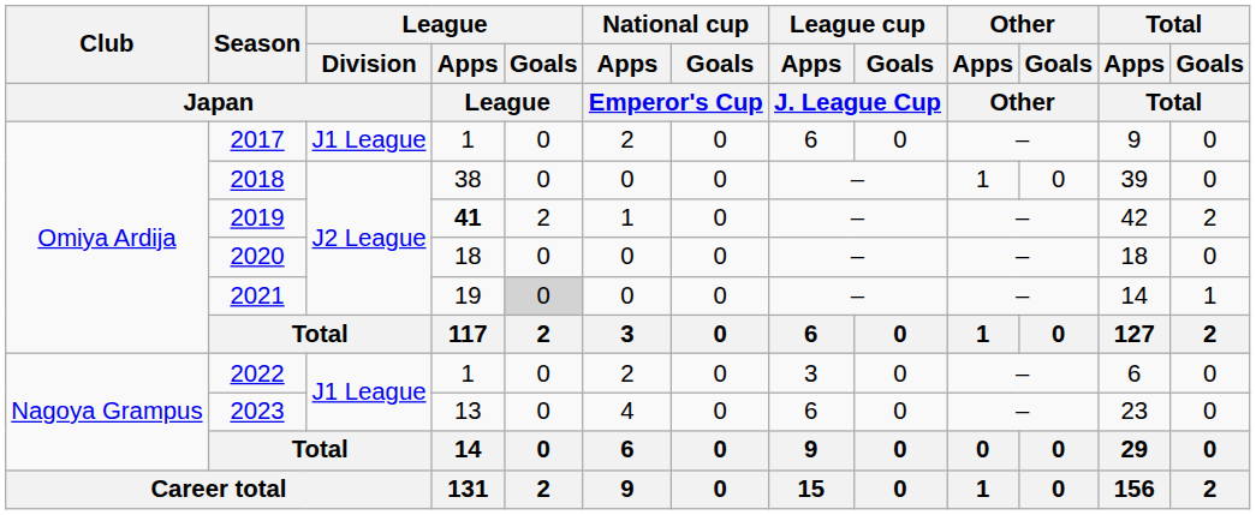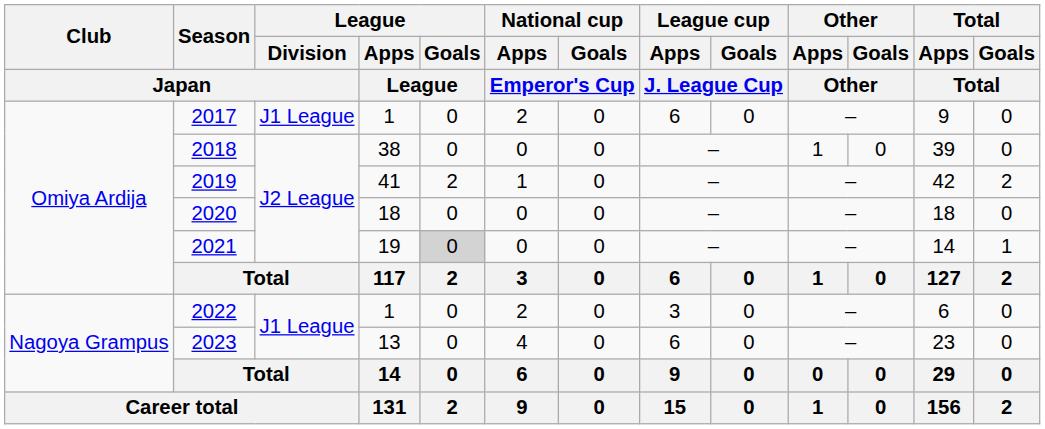 <table class="wikitable" style="text-align:center">
 <tr>
 <th rowspan=2>Club</th>
 <th rowspan=2>Season</th>
 <th colspan=3>League</th>
 <th colspan=2>National cup</th>
 <th colspan=2>League cup</th>
 <th colspan=2>Other</th>
 <th colspan=2>Total</th>
 </tr>
 <tr>
 <th>Division</th>
 <th>Apps</th>
 <th>Goals</th>
 <th>Apps</th>
 <th>Goals</th>
 <th>Apps</th>
 <th>Goals</th>
 <th>Apps</th>
 <th>Goals</th>
 <th>Apps</th>
 <th>Goals</th>
 </tr>
 <tr>
 <th colspan=3>Japan</th>
 <th colspan=2>League</th>
 <th colspan=2><a href='#'>Emperor's Cup</a></th>
 <th colspan=2><a href='#'>J. League Cup</a></th>
 <th colspan=2>Other</th>
 <th colspan=2>Total</th>
 </tr>
 <tr>
 <td rowspan="6"><a href='#'>Omiya Ardija</a></td>
 <td><a href='#'>2017</a></td>
 <td><a href='#'>J1 League</a></td>
 <td>1</td>
 <td>0</td>
 <td>2</td>
 <td>0</td>
 <td>6</td>
 <td>0</td>
 <td colspan="2">–</td>
 <td>9</td>
 <td>0</td>
 </tr>
 <tr>
 <td><a href='#'>2018</a></td>
 <td rowspan="4"><a href='#'>J2 League</a></td>
 <td>38</td>
 <td>0</td>
 <td>0</td>
 <td>0</td>
 <td colspan="2">–</td>
 <td>1</td>
 <td>0</td>
 <td>39</td>
 <td>0</td>
 </tr>
 <tr>
 <td><a href='#'>2019</a></td>
-<td><strong>41</strong></td>
+<td>41</td>
 <td>2</td>
 <td>1</td>
 <td>0</td>
 <td colspan="2">–</td>
 <td colspan="2">–</td>
 <td>42</td>
 <td>2</td>
 </tr>
 <tr>
 <td><a href='#'>2020</a></td>
 <td>18</td>
 <td>0</td>
 <td>0</td>
 <td>0</td>
 <td colspan="2">–</td>
 <td colspan="2">–</td>
 <td>18</td>
 <td>0</td>
 </tr>
 <tr>
 <td><a href='#'>2021</a></td>
 <td>19</td>
 <td style="background: lightgrey;">0</td>
 <td>0</td>
 <td>0</td>
 <td colspan="2">–</td>
 <td colspan="2">–</td>
 <td>14</td>
 <td>1</td>
 </tr>
 <tr>
 <th colspan="2">Total</th>
 <th>117</th>
 <th>2</th>
 <th>3</th>
 <th>0</th>
 <th>6</th>
 <th>0</th>
 <th>1</th>
 <th>0</th>
 <th>127</th>
 <th>2</th>
 </tr>
 <tr>
 <td rowspan="3"><a href='#'>Nagoya Grampus</a></td>
 <td><a href='#'>2022</a></td>
 <td rowspan="2"><a href='#'>J1 League</a></td>
 <td>1</td>
 <td>0</td>
 <td>2</td>
 <td>0</td>
 <td>3</td>
 <td>0</td>
 <td colspan="2">–</td>
 <td>6</td>
 <td>0</td>
 </tr>
 <tr>
 <td><a href='#'>2023</a></td>
 <td>13</td>
 <td>0</td>
 <td>4</td>
 <td>0</td>
 <td>6</td>
 <td>0</td>
 <td colspan="2">–</td>
 <td>23</td>
 <td>0</td>
 </tr>
 <tr>
 <th colspan="2">Total</th>
 <th>14</th>
 <th>0</th>
 <th>6</th>
 <th>0</th>
 <th>9</th>
 <th>0</th>
 <th>0</th>
 <th>0</th>
 <th>29</th>
 <th>0</th>
 </tr>
 <tr>
 <th colspan=3>Career total</th>
 <th>131</th>
 <th>2</th>
 <th>9</th>
 <th>0</th>
 <th>15</th>
 <th>0</th>
 <th>1</th>
 <th>0</th>
 <th>156</th>
 <th>2</th>
 </tr>
 </table>
